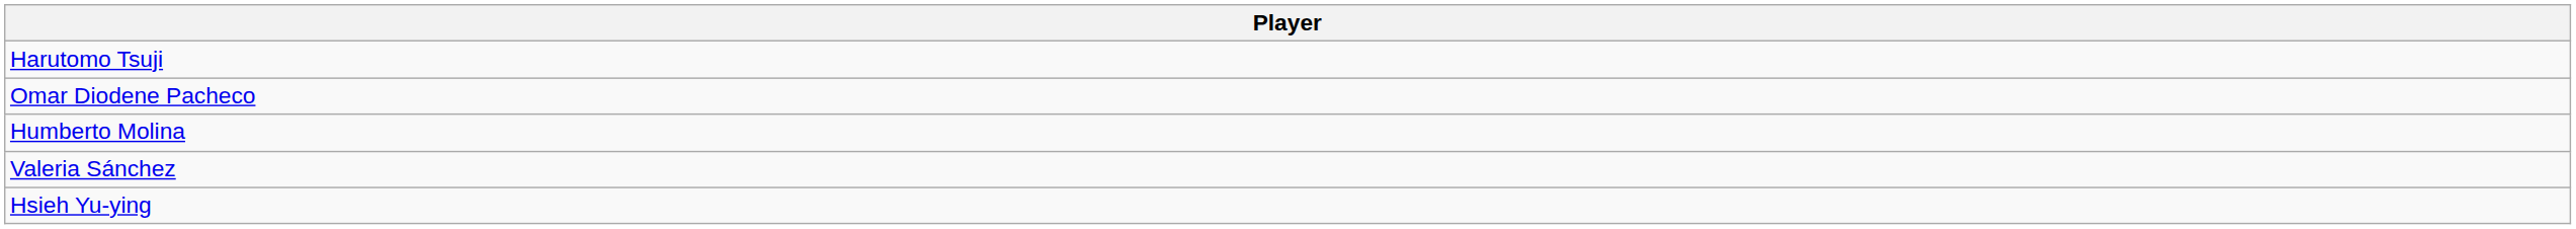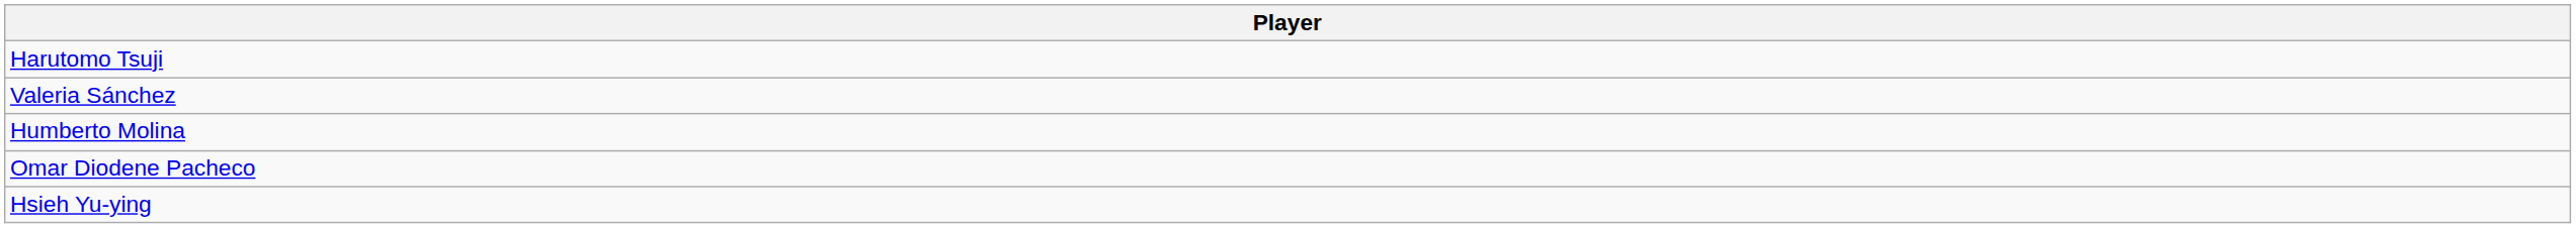 <table class="wikitable" style="border-collapse:collapse; width:90%">
 <tr>
 <th>Player</th>
 </tr>
 <tr>
 <td> <a href='#'>Harutomo Tsuji</a></td>
 </tr>
 <tr>
-<td> <a href='#'>Omar Diodene Pacheco</a></td>
+<td> <a href='#'>Valeria Sánchez</a></td>
 </tr>
 <tr>
 <td> <a href='#'>Humberto Molina</a></td>
 </tr>
 <tr>
-<td> <a href='#'>Valeria Sánchez</a></td>
+<td> <a href='#'>Omar Diodene Pacheco</a></td>
 </tr>
 <tr>
 <td> <a href='#'>Hsieh Yu-ying</a></td>
 </tr>
 </table>
